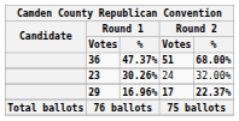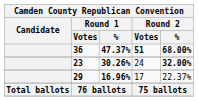 <table class="wikitable sortable">
 <tr>
 <th colspan=" 19 ">Camden County Republican Convention</th>
 </tr>
 <tr style="background:#eee; text-align:center;">
 <th rowspan=2 style="text-align:center;">Candidate</th>
 <th colspan=2 style="text-align:center;">Round 1</th>
 <th colspan=2 style="text-align:center;">Round 2</th>
 </tr>
 <tr>
 <th>Votes</th>
 <th>%</th>
 <th>Votes</th>
 <th>%</th>
 </tr>
 <tr>
 <th scope="row" style="text-align:left;"></th>
 <td><strong>36</strong></td>
 <td><strong>47.37%</strong></td>
 <td><strong>51</strong></td>
 <td><strong>68.00%</strong></td>
 </tr>
 <tr>
 </tr>
 <tr>
 </tr>
 <tr>
 <th scope="row" style="text-align:left;"></th>
 <td><strong>23</strong></td>
 <td><strong>30.26%</strong></td>
 <td>24</td>
-<td>32.00%</td>
+<td><strong>32.00%</strong></td>
 </tr>
 <tr>
 </tr>
 <tr>
 </tr>
 <tr>
 <th scope="row" style="text-align:left;"></th>
 <td><strong>29</strong></td>
 <td><strong>16.96%</strong></td>
-<td><strong>17</strong></td>
-<td><strong>22.37%</strong></td>
+<td>17</td>
+<td>22.37%</td>
 </tr>
 <tr>
 </tr>
 <tr>
 <th scope="row" style="text-align:left;">Total ballots</th>
 <th colspan="2">76 ballots</th>
 <th colspan="2">75 ballots</th>
 </tr>
 <tr>
 </tr>
 </table>
